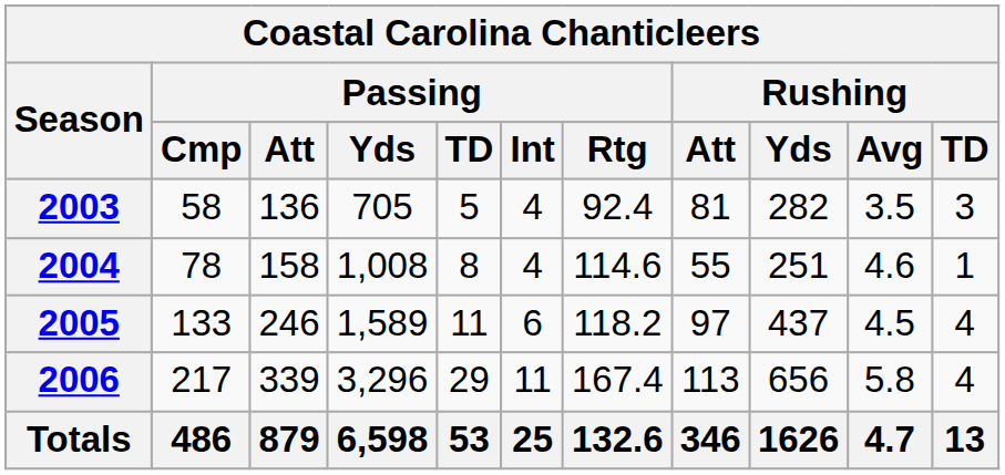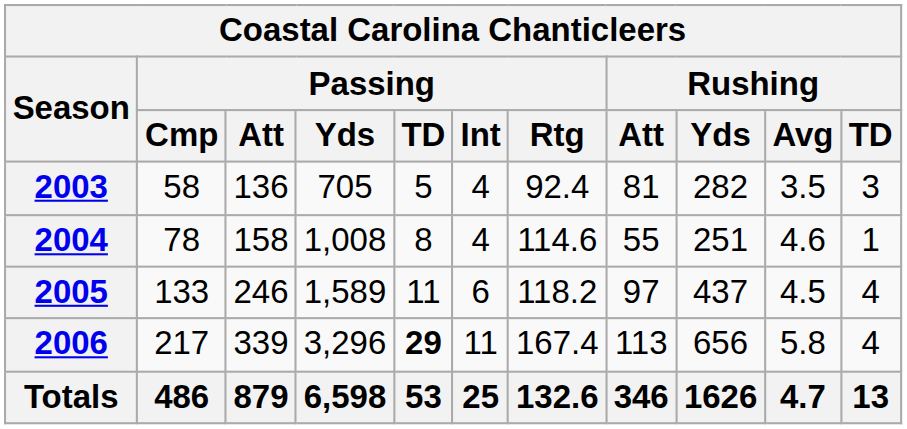 <table class=wikitable style="text-align:center;">
 <tr>
 <th colspan="15">Coastal Carolina Chanticleers</th>
 </tr>
 <tr>
 <th rowspan="2">Season</th>
 <th colspan="6">Passing</th>
 <th colspan="4">Rushing</th>
 </tr>
 <tr>
 <th>Cmp</th>
 <th>Att</th>
 <th>Yds</th>
 <th>TD</th>
 <th>Int</th>
 <th>Rtg</th>
 <th>Att</th>
 <th>Yds</th>
 <th>Avg</th>
 <th>TD</th>
 </tr>
 <tr>
 <th><a href='#'>2003</a></th>
 <td>58</td>
 <td>136</td>
 <td>705</td>
 <td>5</td>
 <td>4</td>
 <td>92.4</td>
 <td>81</td>
 <td>282</td>
 <td>3.5</td>
 <td>3</td>
 </tr>
 <tr>
 <th><a href='#'>2004</a></th>
 <td>78</td>
 <td>158</td>
 <td>1,008</td>
 <td>8</td>
 <td>4</td>
 <td>114.6</td>
 <td>55</td>
 <td>251</td>
 <td>4.6</td>
 <td>1</td>
 </tr>
 <tr>
 <th><a href='#'>2005</a></th>
 <td>133</td>
 <td>246</td>
 <td>1,589</td>
 <td>11</td>
 <td>6</td>
 <td>118.2</td>
 <td>97</td>
 <td>437</td>
 <td>4.5</td>
 <td>4</td>
 </tr>
 <tr>
 <th><a href='#'>2006</a></th>
 <td>217</td>
 <td>339</td>
 <td>3,296</td>
-<td>29</td>
+<td><strong>29</strong></td>
 <td>11</td>
 <td>167.4</td>
 <td>113</td>
 <td>656</td>
 <td>5.8</td>
 <td>4</td>
 </tr>
 <tr>
 <th>Totals</th>
 <th>486</th>
 <th>879</th>
 <th>6,598</th>
 <th>53</th>
 <th>25</th>
 <th>132.6</th>
 <th>346</th>
 <th>1626</th>
 <th>4.7</th>
 <th>13</th>
 </tr>
 </table>
